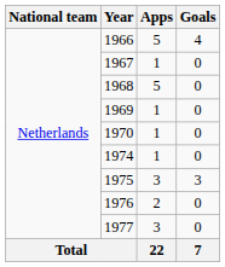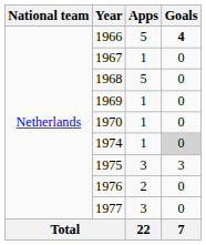 <table class="wikitable" style="text-align:center">
 <tr>
 <th>National team</th>
 <th>Year</th>
 <th>Apps</th>
 <th>Goals</th>
 </tr>
 <tr>
 <td rowspan="9"><a href='#'>Netherlands</a></td>
 <td>1966</td>
 <td>5</td>
-<td>4</td>
+<td><strong>4</strong></td>
 </tr>
 <tr>
 <td>1967</td>
 <td>1</td>
 <td>0</td>
 </tr>
 <tr>
 <td>1968</td>
 <td>5</td>
 <td>0</td>
 </tr>
 <tr>
 <td>1969</td>
 <td>1</td>
 <td>0</td>
 </tr>
 <tr>
 <td>1970</td>
 <td>1</td>
 <td>0</td>
 </tr>
 <tr>
 <td>1974</td>
 <td>1</td>
-<td>0</td>
+<td style="background: lightgrey;">0</td>
 </tr>
 <tr>
 <td>1975</td>
 <td>3</td>
 <td>3</td>
 </tr>
 <tr>
 <td>1976</td>
 <td>2</td>
 <td>0</td>
 </tr>
 <tr>
 <td>1977</td>
 <td>3</td>
 <td>0</td>
 </tr>
 <tr>
 <th colspan="2">Total</th>
 <th>22</th>
 <th>7</th>
 </tr>
 </table>
